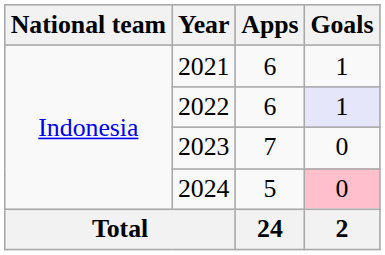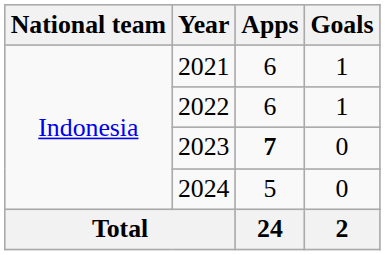 <table class="wikitable" style="text-align:center">
 <tr>
 <th>National team</th>
 <th>Year</th>
 <th>Apps</th>
 <th>Goals</th>
 </tr>
 <tr>
 <td rowspan=4><a href='#'>Indonesia</a></td>
 <td>2021</td>
 <td>6</td>
 <td>1</td>
 </tr>
 <tr>
 <td>2022</td>
 <td>6</td>
-<td style="background: lavender;">1</td>
+<td>1</td>
 </tr>
 <tr>
 <td>2023</td>
-<td>7</td>
+<td><strong>7</strong></td>
 <td>0</td>
 </tr>
 <tr>
 <td>2024</td>
 <td>5</td>
-<td style="background: pink;">0</td>
+<td>0</td>
 </tr>
 <tr>
 <th colspan=2>Total</th>
 <th>24</th>
 <th>2</th>
 </tr>
 </table>
